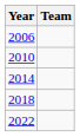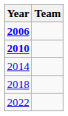 <table class="wikitable">
 <tr>
 <th>Year</th>
 <th>Team</th>
 </tr>
 <tr>
-<td><a href='#'>2006</a></td>
+<td><strong><a href='#'>2006</a></strong></td>
 <td></td>
 </tr>
 <tr>
-<td><a href='#'>2010</a></td>
+<td><strong><a href='#'>2010</a></strong></td>
 <td></td>
 </tr>
 <tr>
 <td><a href='#'>2014</a></td>
 <td></td>
 </tr>
 <tr>
 <td><a href='#'>2018</a></td>
 <td></td>
 </tr>
 <tr>
 <td><a href='#'>2022</a></td>
 <td></td>
 </tr>
 </table>
